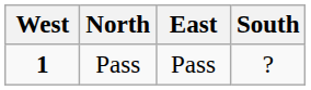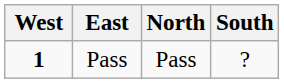 <table class=wikitable>
 <tr>
 <th width="40">West</th>
+<th width="40">East</th>
 <th width="40">North</th>
-<th width="40">East</th>
 <th width="40">South</th>
 </tr>
 <tr align=center>
 <td><strong>1</strong></td>
 <td>Pass</td>
 <td>Pass</td>
 <td>?</td>
 </tr>
 </table>
